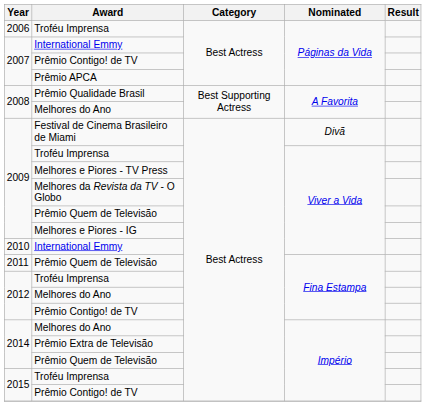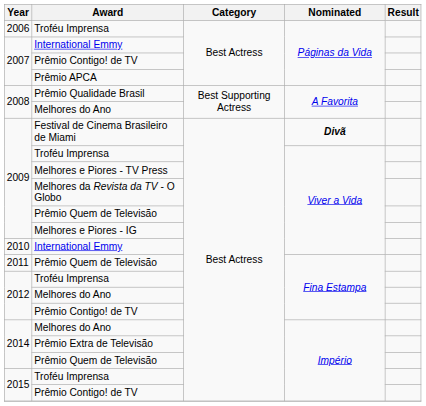 <table class="wikitable">
 <tr>
 <th width="20">Year</th>
 <th width="230">Award</th>
 <th width="150">Category</th>
 <th width="150">Nominated</th>
 <th width="30">Result</th>
 </tr>
 <tr>
 <td>2006</td>
 <td>Troféu Imprensa</td>
 <td rowspan="4" style="text-align:center;">Best Actress</td>
 <td rowspan="4" style="text-align:center;"><em><a href='#'>Páginas da Vida</a></em></td>
 <td></td>
 </tr>
 <tr>
 <td rowspan="3">2007</td>
 <td><a href='#'>International Emmy</a></td>
 <td></td>
 </tr>
 <tr>
 <td>Prêmio Contigo! de TV</td>
 <td></td>
 </tr>
 <tr>
 <td>Prêmio APCA</td>
 <td></td>
 </tr>
 <tr>
 <td rowspan="2">2008</td>
 <td>Prêmio Qualidade Brasil</td>
 <td rowspan="2" style="text-align:center;">Best Supporting Actress</td>
 <td rowspan="2" style="text-align:center;"><em><a href='#'>A Favorita</a></em></td>
 <td></td>
 </tr>
 <tr>
 <td>Melhores do Ano</td>
 <td></td>
 </tr>
 <tr>
 <td rowspan="6">2009</td>
 <td>Festival de Cinema Brasileiro de Miami</td>
 <td rowspan="16" style="text-align:center;">Best Actress</td>
-<td style="text-align:center;"><em>Divã</em></td>
+<td style="text-align:center;"><strong><em>Divã</em></strong></td>
 <td></td>
 </tr>
 <tr>
 <td>Troféu Imprensa</td>
 <td rowspan="6" style="text-align:center;"><em><a href='#'>Viver a Vida</a></em></td>
 <td></td>
 </tr>
 <tr>
 <td>Melhores e Piores - TV Press</td>
 <td></td>
 </tr>
 <tr>
 <td>Melhores da <em>Revista da TV</em> - O Globo</td>
 <td></td>
 </tr>
 <tr>
 <td>Prêmio Quem de Televisão</td>
 <td></td>
 </tr>
 <tr>
 <td>Melhores e Piores - IG</td>
 <td></td>
 </tr>
 <tr>
 <td>2010</td>
 <td><a href='#'>International Emmy</a></td>
 <td></td>
 </tr>
 <tr>
 <td>2011</td>
 <td>Prêmio Quem de Televisão</td>
 <td rowspan="4" style="text-align:center;"><em><a href='#'>Fina Estampa</a></em></td>
 <td></td>
 </tr>
 <tr>
 <td rowspan="3">2012</td>
 <td>Troféu Imprensa</td>
 <td></td>
 </tr>
 <tr>
 <td>Melhores do Ano</td>
 <td></td>
 </tr>
 <tr>
 <td>Prêmio Contigo! de TV</td>
 <td></td>
 </tr>
 <tr>
 <td rowspan="3">2014</td>
 <td>Melhores do Ano</td>
 <td rowspan="5" style="text-align:center;"><em><a href='#'>Império</a></em></td>
 <td></td>
 </tr>
 <tr>
 <td>Prêmio Extra de Televisão</td>
 <td></td>
 </tr>
 <tr>
 <td>Prêmio Quem de Televisão</td>
 <td></td>
 </tr>
 <tr>
 <td rowspan="2">2015</td>
 <td>Troféu Imprensa</td>
 <td></td>
 </tr>
 <tr>
 <td>Prêmio Contigo! de TV</td>
 <td></td>
 </tr>
 <tr>
 </tr>
 </table>
